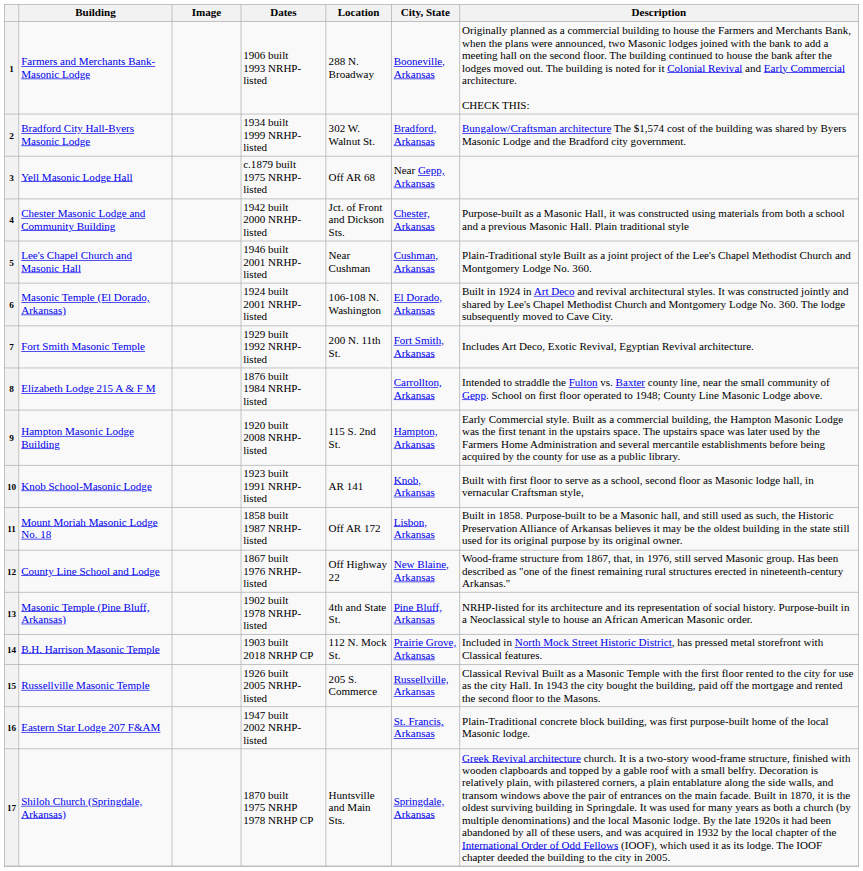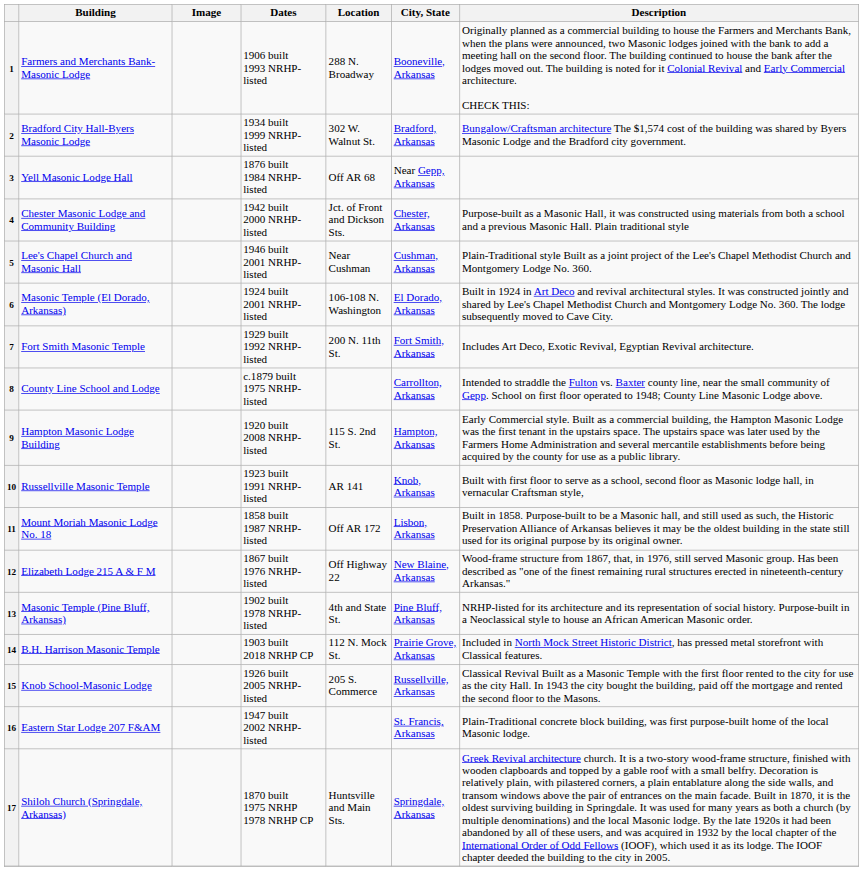 <table class="wikitable sortable" style="width:98%">
 <tr>
 <th></th>
 <th width = 18%><strong>Building</strong></th>
 <th width = 8% class="unsortable"><strong>Image</strong></th>
 <th width = 10%><strong>Dates</strong></th>
 <th><strong>Location</strong></th>
 <th width = 8%><strong>City, State</strong></th>
 <th class="unsortable"><strong>Description</strong></th>
 </tr>
 <tr ->
 <th><small>1</small></th>
 <td><a href='#'>Farmers and Merchants Bank-Masonic Lodge</a></td>
 <td></td>
 <td>1906 built<br>1993 NRHP-listed</td>
 <td>288 N. Broadway<br><small></small></td>
 <td><a href='#'>Booneville, Arkansas</a></td>
 <td>Originally planned as a commercial building to house the Farmers and Merchants Bank, when the plans were announced, two Masonic lodges joined with the bank to add a meeting hall on the second floor.  The building continued to house the bank after the lodges moved out.  The building is noted for it <a href='#'>Colonial Revival</a> and <a href='#'>Early Commercial</a> architecture.<br><br>CHECK THIS:</td>
 </tr>
 <tr ->
 <th><small>2</small></th>
 <td><a href='#'>Bradford City Hall-Byers Masonic Lodge</a></td>
 <td></td>
 <td>1934 built<br>1999 NRHP-listed</td>
 <td>302 W. Walnut St.<br><small></small></td>
 <td><a href='#'>Bradford, Arkansas</a></td>
 <td><a href='#'>Bungalow/Craftsman architecture</a>  The $1,574 cost of the building was shared by Byers Masonic Lodge and the Bradford city government.</td>
 </tr>
 <tr ->
 <th><small>3</small></th>
 <td><a href='#'>Yell Masonic Lodge Hall</a></td>
 <td></td>
-<td>c.1879 built<br>1975 NRHP-listed</td>
+<td>1876 built<br>1984 NRHP-listed</td>
 <td>Off AR 68<br><small></small></td>
 <td>Near <a href='#'>Gepp, Arkansas</a></td>
 <td></td>
 </tr>
 <tr ->
 <th><small>4</small></th>
 <td><a href='#'>Chester Masonic Lodge and Community Building</a></td>
 <td></td>
 <td>1942 built<br>2000 NRHP-listed</td>
 <td>Jct. of Front and Dickson Sts.<br><small></small></td>
 <td><a href='#'>Chester, Arkansas</a></td>
 <td>Purpose-built as a Masonic Hall, it was constructed using materials from both a school and a previous Masonic Hall. Plain traditional style</td>
 </tr>
 <tr ->
 <th><small>5</small></th>
 <td><a href='#'>Lee's Chapel Church and Masonic Hall</a></td>
 <td></td>
 <td>1946 built<br>2001 NRHP-listed</td>
 <td>Near Cushman<br><small></small></td>
 <td><a href='#'>Cushman, Arkansas</a></td>
 <td>Plain-Traditional style Built as a joint project of the Lee's Chapel Methodist Church and Montgomery Lodge No. 360.</td>
 </tr>
 <tr ->
 <th><small>6</small></th>
 <td><a href='#'>Masonic Temple (El Dorado, Arkansas)</a></td>
 <td></td>
 <td>1924 built<br>2001 NRHP-listed</td>
 <td>106-108 N. Washington<br><small></small></td>
 <td><a href='#'>El Dorado, Arkansas</a></td>
 <td>Built in 1924 in <a href='#'>Art Deco</a> and revival architectural styles. It was constructed jointly and shared by Lee's Chapel Methodist Church and Montgomery Lodge No. 360. The lodge subsequently moved to Cave City.</td>
 </tr>
 <tr ->
 <th><small>7</small></th>
 <td><a href='#'>Fort Smith Masonic Temple</a></td>
 <td></td>
 <td>1929 built<br>1992 NRHP-listed</td>
 <td>200 N. 11th St.<br><small></small></td>
 <td><a href='#'>Fort Smith, Arkansas</a></td>
 <td>Includes Art Deco, Exotic Revival, Egyptian Revival architecture.</td>
 </tr>
 <tr ->
 <th><small>8</small></th>
-<td><a href='#'>Elizabeth Lodge 215 A & F M</a></td>
+<td><a href='#'>County Line School and Lodge</a></td>
 <td></td>
-<td>1876 built<br>1984 NRHP-listed</td>
+<td>c.1879 built<br>1975 NRHP-listed</td>
 <td><small></small></td>
 <td><a href='#'>Carrollton, Arkansas</a></td>
 <td>Intended to straddle the <a href='#'>Fulton</a> vs. <a href='#'>Baxter</a> county line, near the small community of <a href='#'>Gepp</a>.  School on first floor operated to 1948;  County Line Masonic Lodge above.</td>
 </tr>
 <tr ->
 <th><small>9</small></th>
 <td><a href='#'>Hampton Masonic Lodge Building</a></td>
 <td></td>
 <td>1920 built<br>2008 NRHP-listed</td>
 <td>115 S. 2nd St.<br><small></small></td>
 <td><a href='#'>Hampton, Arkansas</a></td>
 <td>Early Commercial style. Built as a commercial building, the Hampton Masonic Lodge was the first tenant in the upstairs space. The upstairs space was later used by the Farmers Home Administration and several mercantile establishments before being acquired by the county for use as a public library.</td>
 </tr>
 <tr ->
 <th><small>10</small></th>
-<td><a href='#'>Knob School-Masonic Lodge</a></td>
+<td><a href='#'>Russellville Masonic Temple</a></td>
 <td></td>
 <td>1923 built<br>1991 NRHP-listed</td>
 <td>AR 141<br><small></small></td>
 <td><a href='#'>Knob, Arkansas</a></td>
 <td>Built with first floor to serve as a school, second floor as Masonic lodge hall, in vernacular Craftsman style,</td>
 </tr>
 <tr ->
 <th><small>11</small></th>
 <td><a href='#'>Mount Moriah Masonic Lodge No. 18</a></td>
 <td></td>
 <td>1858 built<br>1987 NRHP-listed</td>
 <td>Off AR 172<br><small></small></td>
 <td><a href='#'>Lisbon, Arkansas</a></td>
 <td>Built in 1858. Purpose-built to be a Masonic hall, and still used as such, the Historic Preservation Alliance of Arkansas believes it may be the oldest building in the state still used for its original purpose by its original owner.</td>
 </tr>
 <tr ->
 <th><small>12</small></th>
-<td><a href='#'>County Line School and Lodge</a></td>
+<td><a href='#'>Elizabeth Lodge 215 A & F M</a></td>
 <td></td>
 <td>1867 built<br>1976 NRHP-listed</td>
 <td>Off Highway 22<br><small></small></td>
 <td><a href='#'>New Blaine, Arkansas</a></td>
 <td>Wood-frame structure from 1867, that, in 1976, still served Masonic group.  Has been described as "one of the finest remaining rural structures erected in nineteenth-century Arkansas."</td>
 </tr>
 <tr ->
 <th><small>13</small></th>
 <td><a href='#'>Masonic Temple (Pine Bluff, Arkansas)</a></td>
 <td></td>
 <td>1902 built<br>1978 NRHP-listed</td>
 <td>4th and State St.<br><small></small></td>
 <td><a href='#'>Pine Bluff, Arkansas</a></td>
 <td>NRHP-listed for its architecture and its representation of social history. Purpose-built in a Neoclassical style to house an African American Masonic order.</td>
 </tr>
 <tr ->
 <th><small>14</small></th>
 <td><a href='#'>B.H. Harrison Masonic Temple</a></td>
 <td></td>
 <td>1903 built<br>2018 NRHP CP</td>
 <td>112 N. Mock St.<br></td>
 <td><a href='#'>Prairie Grove, Arkansas</a></td>
 <td>Included in <a href='#'>North Mock Street Historic District</a>, has pressed metal storefront with Classical features.</td>
 </tr>
 <tr ->
 <th><small>15</small></th>
-<td><a href='#'>Russellville Masonic Temple</a></td>
+<td><a href='#'>Knob School-Masonic Lodge</a></td>
 <td></td>
 <td>1926 built<br>2005 NRHP-listed</td>
 <td>205 S. Commerce<br><small></small></td>
 <td><a href='#'>Russellville, Arkansas</a></td>
 <td>Classical Revival Built as a Masonic Temple with the first floor rented to the city for use as the city Hall. In 1943 the city bought the building, paid off the mortgage and rented the second floor to the Masons.</td>
 </tr>
 <tr ->
 <th><small>16</small></th>
 <td><a href='#'>Eastern Star Lodge 207 F&AM</a></td>
 <td></td>
 <td>1947 built<br>2002 NRHP-listed</td>
 <td><small></small></td>
 <td><a href='#'>St. Francis, Arkansas</a></td>
 <td>Plain-Traditional concrete block building, was first purpose-built home of the local Masonic lodge.</td>
 </tr>
 <tr ->
 <th><small>17</small></th>
 <td><a href='#'>Shiloh Church (Springdale, Arkansas)</a></td>
 <td></td>
 <td>1870 built<br>1975 NRHP<br>1978 NRHP CP</td>
 <td>Huntsville and Main Sts.<br></td>
 <td><a href='#'>Springdale, Arkansas</a></td>
 <td><a href='#'>Greek Revival architecture</a> church. It is a two-story wood-frame structure, finished with wooden clapboards and topped by a gable roof with a small belfry.  Decoration is relatively plain, with pilastered corners, a plain entablature along the side walls, and transom windows above the pair of entrances on the main facade.  Built in 1870, it is the oldest surviving building in Springdale.  It was used for many years as both a church (by multiple denominations) and the local Masonic lodge.  By the late 1920s it had been abandoned by all of these users, and was acquired in 1932 by the local chapter of the <a href='#'>International Order of Odd Fellows</a> (IOOF), which used it as its lodge.  The IOOF chapter deeded the building to the city in 2005.</td>
 </tr>
 <tr ->
 </tr>
 </table>
